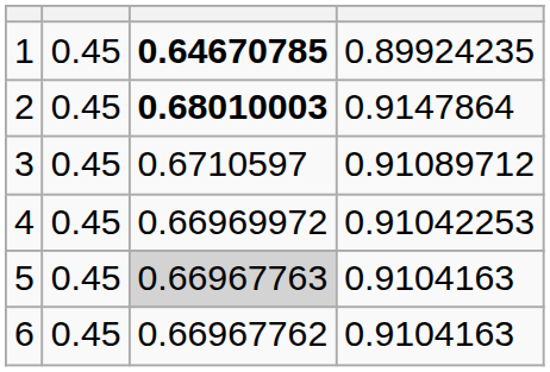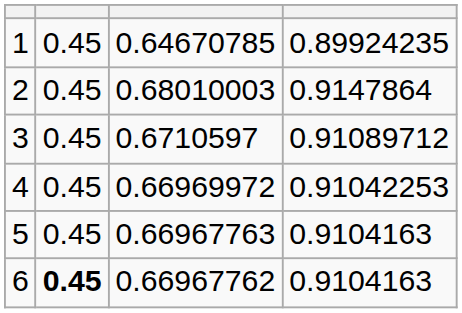 <table class="wikitable">
 <tr>
 <th></th>
 <th></th>
 <th></th>
 <th></th>
 </tr>
 <tr>
 <td>1</td>
 <td>0.45</td>
-<td><strong>0.64670785</strong></td>
+<td>0.64670785</td>
 <td>0.89924235</td>
 </tr>
 <tr>
 <td>2</td>
 <td>0.45</td>
-<td><strong>0.68010003</strong></td>
+<td>0.68010003</td>
 <td>0.9147864</td>
 </tr>
 <tr>
 <td>3</td>
 <td>0.45</td>
 <td>0.6710597</td>
 <td>0.91089712</td>
 </tr>
 <tr>
 <td>4</td>
 <td>0.45</td>
 <td>0.66969972</td>
 <td>0.91042253</td>
 </tr>
 <tr>
 <td>5</td>
 <td>0.45</td>
-<td style="background: lightgrey;">0.66967763</td>
+<td>0.66967763</td>
 <td>0.9104163</td>
 </tr>
 <tr>
 <td>6</td>
-<td>0.45</td>
+<td><strong>0.45</strong></td>
 <td>0.66967762</td>
 <td>0.9104163</td>
 </tr>
 </table>
